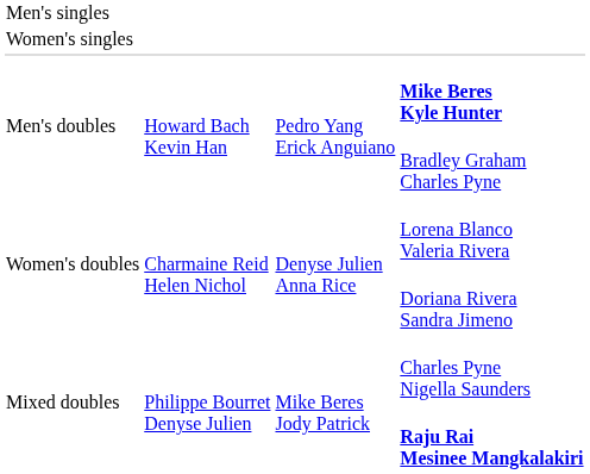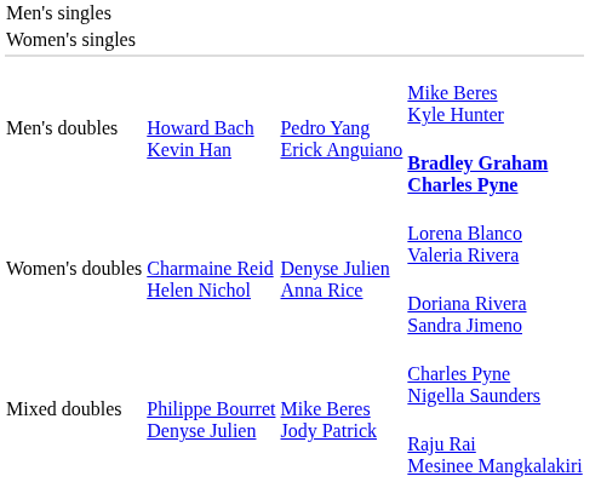 <table>
 <tr>
 <td rowspan=2>Men's singles <br></td>
 <td rowspan=2></td>
 <td rowspan=2></td>
 <td></td>
 </tr>
 <tr>
 <td></td>
 </tr>
 <tr>
 <td rowspan=2>Women's singles <br></td>
 <td rowspan=2></td>
 <td rowspan=2></td>
 <td></td>
 </tr>
 <tr>
 <td></td>
 </tr>
 <tr bgcolor=#DDDDDD>
 <td colspan=7></td>
 </tr>
 <tr>
 <td rowspan=2>Men's doubles <br></td>
 <td rowspan=2><br><a href='#'>Howard Bach</a><br><a href='#'>Kevin Han</a></td>
 <td rowspan=2><br><a href='#'>Pedro Yang</a><br><a href='#'>Erick Anguiano</a></td>
-<td><strong><br><a href='#'>Mike Beres</a><br><a href='#'>Kyle Hunter</a></strong></td>
+<td><br><a href='#'>Mike Beres</a><br><a href='#'>Kyle Hunter</a></td>
 </tr>
 <tr>
-<td><br><a href='#'>Bradley Graham</a><br><a href='#'>Charles Pyne</a></td>
+<td><strong><br><a href='#'>Bradley Graham</a><br><a href='#'>Charles Pyne</a></strong></td>
 </tr>
 <tr>
 <td rowspan=2>Women's doubles <br></td>
 <td rowspan=2><br><a href='#'>Charmaine Reid</a><br><a href='#'>Helen Nichol</a></td>
 <td rowspan=2><br><a href='#'>Denyse Julien</a><br><a href='#'>Anna Rice</a></td>
 <td><br><a href='#'>Lorena Blanco</a><br><a href='#'>Valeria Rivera</a></td>
 </tr>
 <tr>
 <td><br><a href='#'>Doriana Rivera</a><br><a href='#'>Sandra Jimeno</a></td>
 </tr>
 <tr>
 <td rowspan=2>Mixed doubles <br></td>
 <td rowspan=2><br><a href='#'>Philippe Bourret</a><br><a href='#'>Denyse Julien</a></td>
 <td rowspan=2><br><a href='#'>Mike Beres</a><br><a href='#'>Jody Patrick</a></td>
 <td><br><a href='#'>Charles Pyne</a><br><a href='#'>Nigella Saunders</a></td>
 </tr>
 <tr>
-<td><strong><br><a href='#'>Raju Rai</a><br><a href='#'>Mesinee Mangkalakiri</a></strong></td>
+<td><br><a href='#'>Raju Rai</a><br><a href='#'>Mesinee Mangkalakiri</a></td>
 </tr>
 </table>
